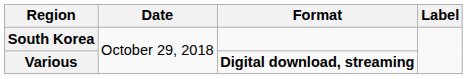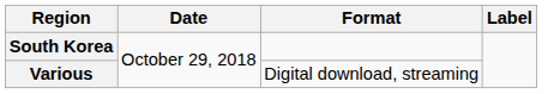 <table class="wikitable plainrowheaders">
 <tr>
 <th>Region</th>
 <th>Date</th>
 <th>Format</th>
 <th>Label</th>
 </tr>
 <tr>
 <th scope="row">South Korea</th>
 <td rowspan="2">October 29, 2018</td>
 <td></td>
 <td rowspan="2"></td>
 </tr>
 <tr>
 <th scope="row">Various</th>
-<td><strong>Digital download, streaming</strong></td>
+<td>Digital download, streaming</td>
 </tr>
 </table>
